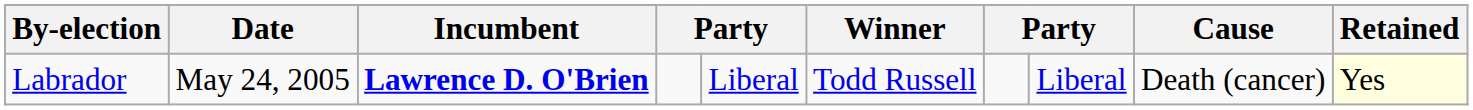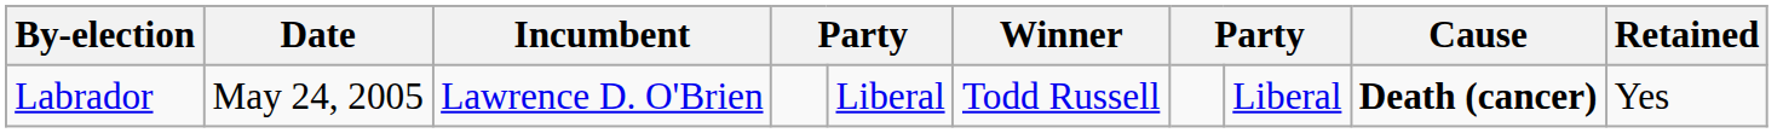 <table class="wikitable">
 <tr>
 <th>By-election</th>
 <th>Date</th>
 <th>Incumbent</th>
 <th colspan=2>Party</th>
 <th>Winner</th>
 <th colspan=2>Party</th>
 <th>Cause</th>
 <th>Retained</th>
 </tr>
 <tr>
 <td><a href='#'>Labrador</a></td>
 <td>May 24, 2005</td>
-<td><strong><a href='#'>Lawrence D. O'Brien</a></strong></td>
+<td><a href='#'>Lawrence D. O'Brien</a></td>
 <td>    </td>
 <td><a href='#'>Liberal</a></td>
 <td><a href='#'>Todd Russell</a></td>
 <td>    </td>
 <td><a href='#'>Liberal</a></td>
-<td>Death (cancer)</td>
-<td style="background: lightyellow;">Yes</td>
+<td><strong>Death (cancer)</strong></td>
+<td>Yes</td>
 </tr>
 </table>
